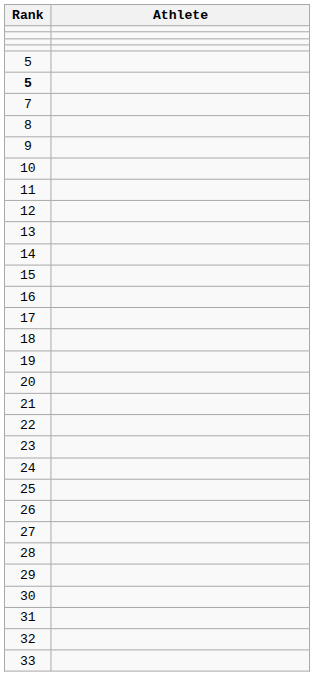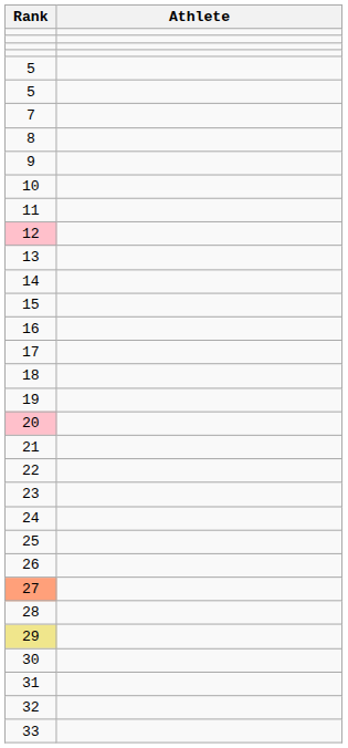 <table class="wikitable" style="text-align: center;">
 <tr>
 <th width=40>Rank</th>
 <th width=250>Athlete</th>
 </tr>
 <tr>
 <td></td>
 <td align="left"></td>
 </tr>
 <tr>
 <td></td>
 <td align="left"></td>
 </tr>
 <tr>
 <td></td>
 <td align="left"></td>
 </tr>
 <tr>
 <td></td>
 <td align="left"></td>
 </tr>
 <tr>
 <td>5</td>
 <td align="left"></td>
 </tr>
 <tr>
-<td><strong>5</strong></td>
+<td>5</td>
 <td align="left"></td>
 </tr>
 <tr>
 <td>7</td>
 <td align="left"></td>
 </tr>
 <tr>
 <td>8</td>
 <td align="left"></td>
 </tr>
 <tr>
 <td>9</td>
 <td align="left"></td>
 </tr>
 <tr>
 <td>10</td>
 <td align="left"></td>
 </tr>
 <tr>
 <td>11</td>
 <td align="left"></td>
 </tr>
 <tr>
-<td>12</td>
+<td style="background: pink;">12</td>
 <td align="left"></td>
 </tr>
 <tr>
 <td>13</td>
 <td align="left"></td>
 </tr>
 <tr>
 <td>14</td>
 <td align="left"></td>
 </tr>
 <tr>
 <td>15</td>
 <td align="left"></td>
 </tr>
 <tr>
 <td>16</td>
 <td align="left"></td>
 </tr>
 <tr>
 <td>17</td>
 <td align="left"></td>
 </tr>
 <tr>
 <td>18</td>
 <td align="left"></td>
 </tr>
 <tr>
 <td>19</td>
 <td align="left"></td>
 </tr>
 <tr>
-<td>20</td>
+<td style="background: pink;">20</td>
 <td align="left"></td>
 </tr>
 <tr>
 <td>21</td>
 <td align="left"></td>
 </tr>
 <tr>
 <td>22</td>
 <td align="left"></td>
 </tr>
 <tr>
 <td>23</td>
 <td align="left"></td>
 </tr>
 <tr>
 <td>24</td>
 <td align="left"></td>
 </tr>
 <tr>
 <td>25</td>
 <td align="left"></td>
 </tr>
 <tr>
 <td>26</td>
 <td align="left"></td>
 </tr>
 <tr>
-<td>27</td>
+<td style="background: lightsalmon;">27</td>
 <td align="left"></td>
 </tr>
 <tr>
 <td>28</td>
 <td align="left"></td>
 </tr>
 <tr>
-<td>29</td>
+<td style="background: khaki;">29</td>
 <td align="left"></td>
 </tr>
 <tr>
 <td>30</td>
 <td align="left"></td>
 </tr>
 <tr>
 <td>31</td>
 <td align="left"></td>
 </tr>
 <tr>
 <td>32</td>
 <td align="left"></td>
 </tr>
 <tr>
 <td>33</td>
 <td align="left"></td>
 </tr>
 </table>
